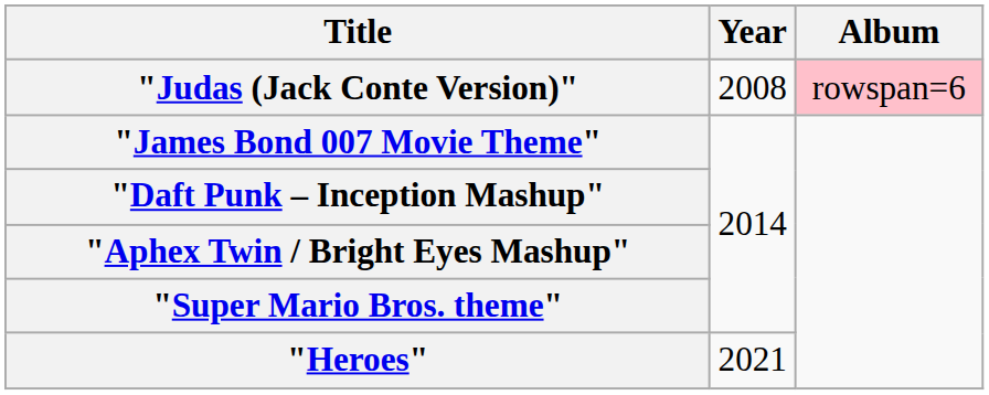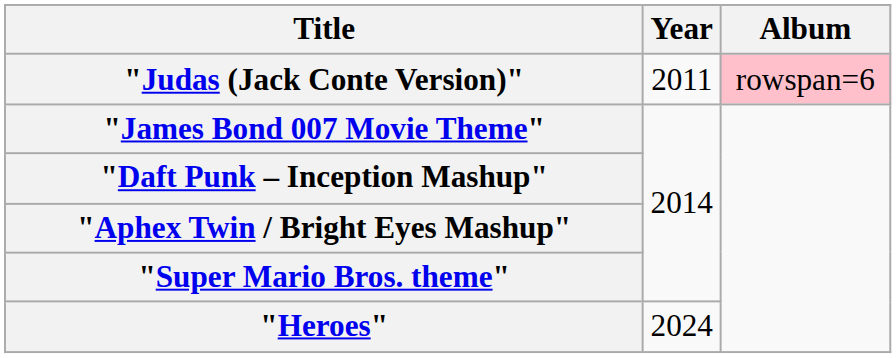 <table class="wikitable plainrowheaders" style="text-align:center;">
 <tr>
 <th rowspan="1" style="width:20em;">Title</th>
 <th rowspan="1" style="width:1em;">Year</th>
 <th rowspan="1" style="width:5em;">Album</th>
 </tr>
 <tr>
 <th scope="row">"<a href='#'>Judas</a> (Jack Conte Version)"</th>
-<td>2008</td>
+<td>2011</td>
 <td style="background: pink;">rowspan=6 </td>
 </tr>
 <tr>
 <th scope="row">"<a href='#'>James Bond 007 Movie Theme</a>"</th>
 <td rowspan=4>2014</td>
 </tr>
 <tr>
 <th scope="row">"<a href='#'>Daft Punk</a> – Inception Mashup"</th>
 </tr>
 <tr>
 <th scope="row">"<a href='#'>Aphex Twin</a> / Bright Eyes Mashup"</th>
 </tr>
 <tr>
 <th scope="row">"<a href='#'>Super Mario Bros. theme</a>"</th>
 </tr>
 <tr>
 <th scope="row">"<a href='#'>Heroes</a>" <br></th>
-<td>2021</td>
+<td>2024</td>
 </tr>
 </table>
